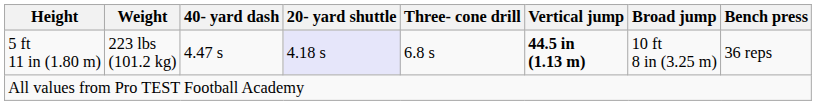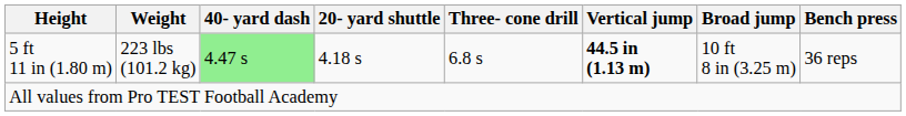 <table class="wikitable mw-collapsible">
 <tr>
 <th>Height</th>
 <th>Weight</th>
 <th>40- yard dash</th>
 <th>20- yard shuttle</th>
 <th>Three- cone drill</th>
 <th>Vertical jump</th>
 <th>Broad jump</th>
 <th>Bench press</th>
 </tr>
 <tr>
 <td>5 ft<br>11 in (1.80 m)</td>
 <td>223 lbs<br>(101.2 kg)</td>
-<td>4.47 s</td>
-<td style="background: lavender;">4.18 s</td>
+<td style="background: lightgreen;">4.47 s</td>
+<td>4.18 s</td>
 <td>6.8 s</td>
 <td><strong>44.5 in<br>(1.13 m)</strong></td>
 <td>10 ft<br>8 in (3.25 m)</td>
 <td>36 reps</td>
 </tr>
 <tr>
 <td colspan="8">All values from Pro TEST Football Academy</td>
 </tr>
 </table>
